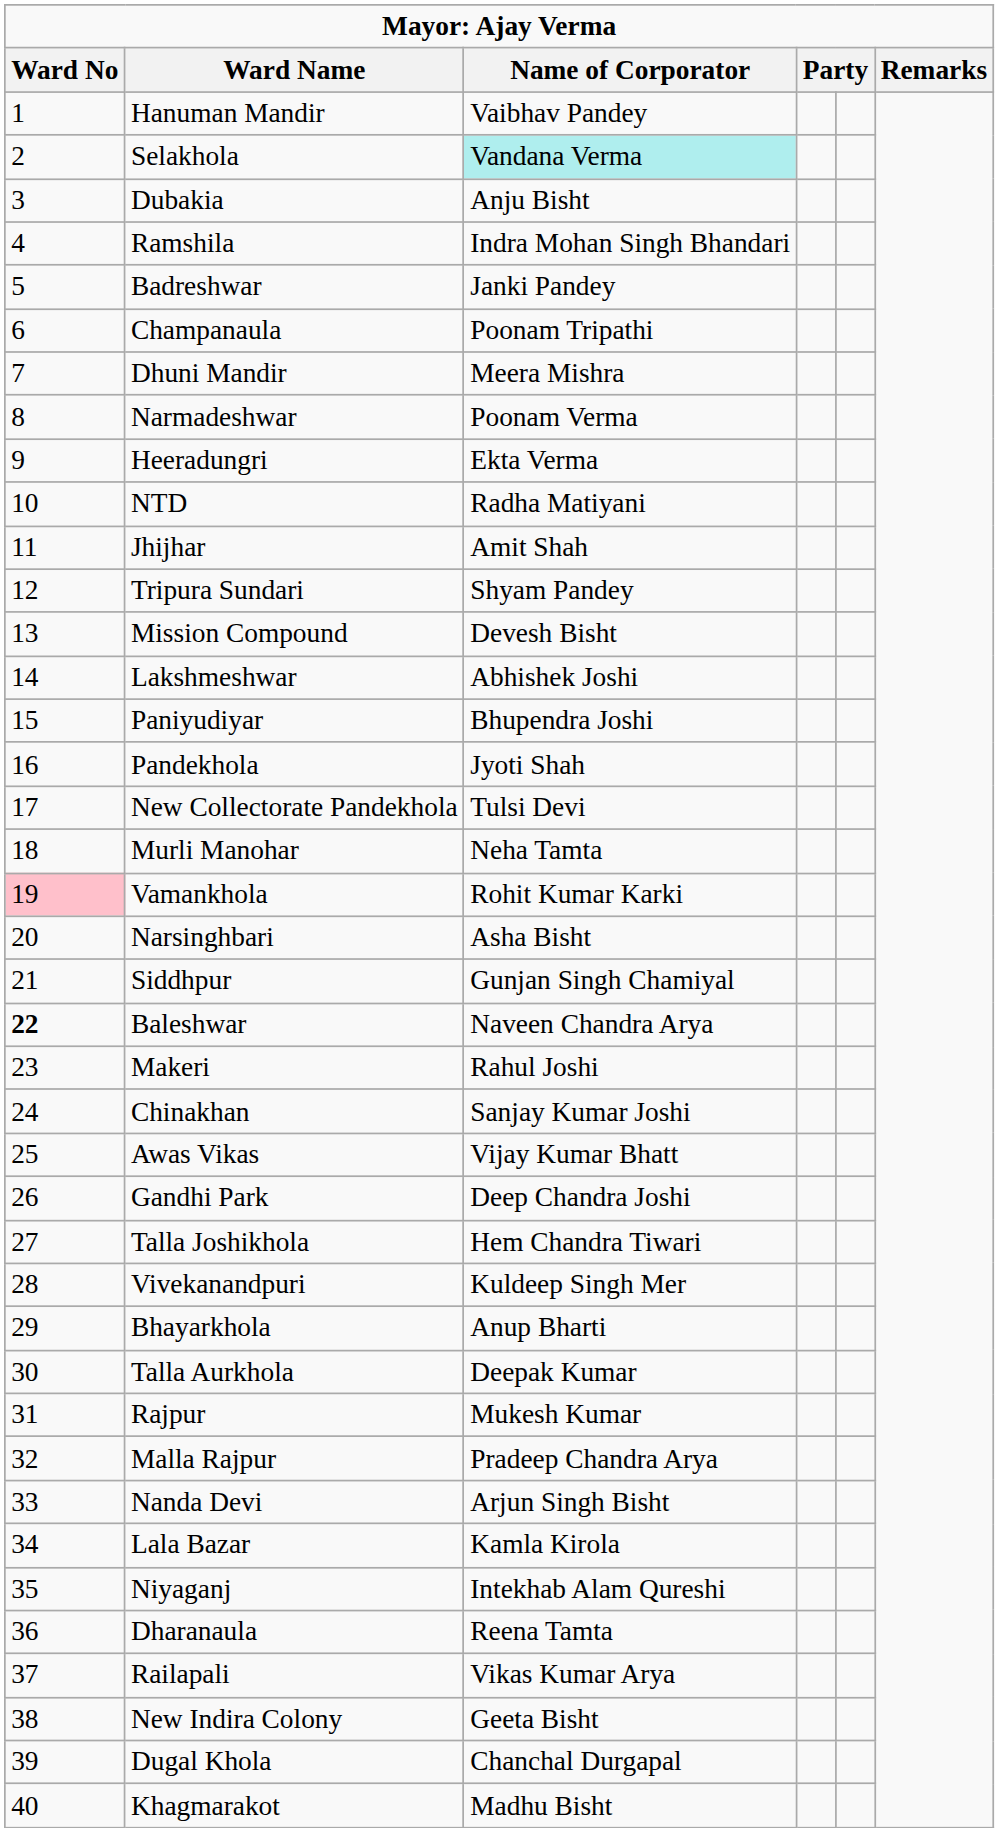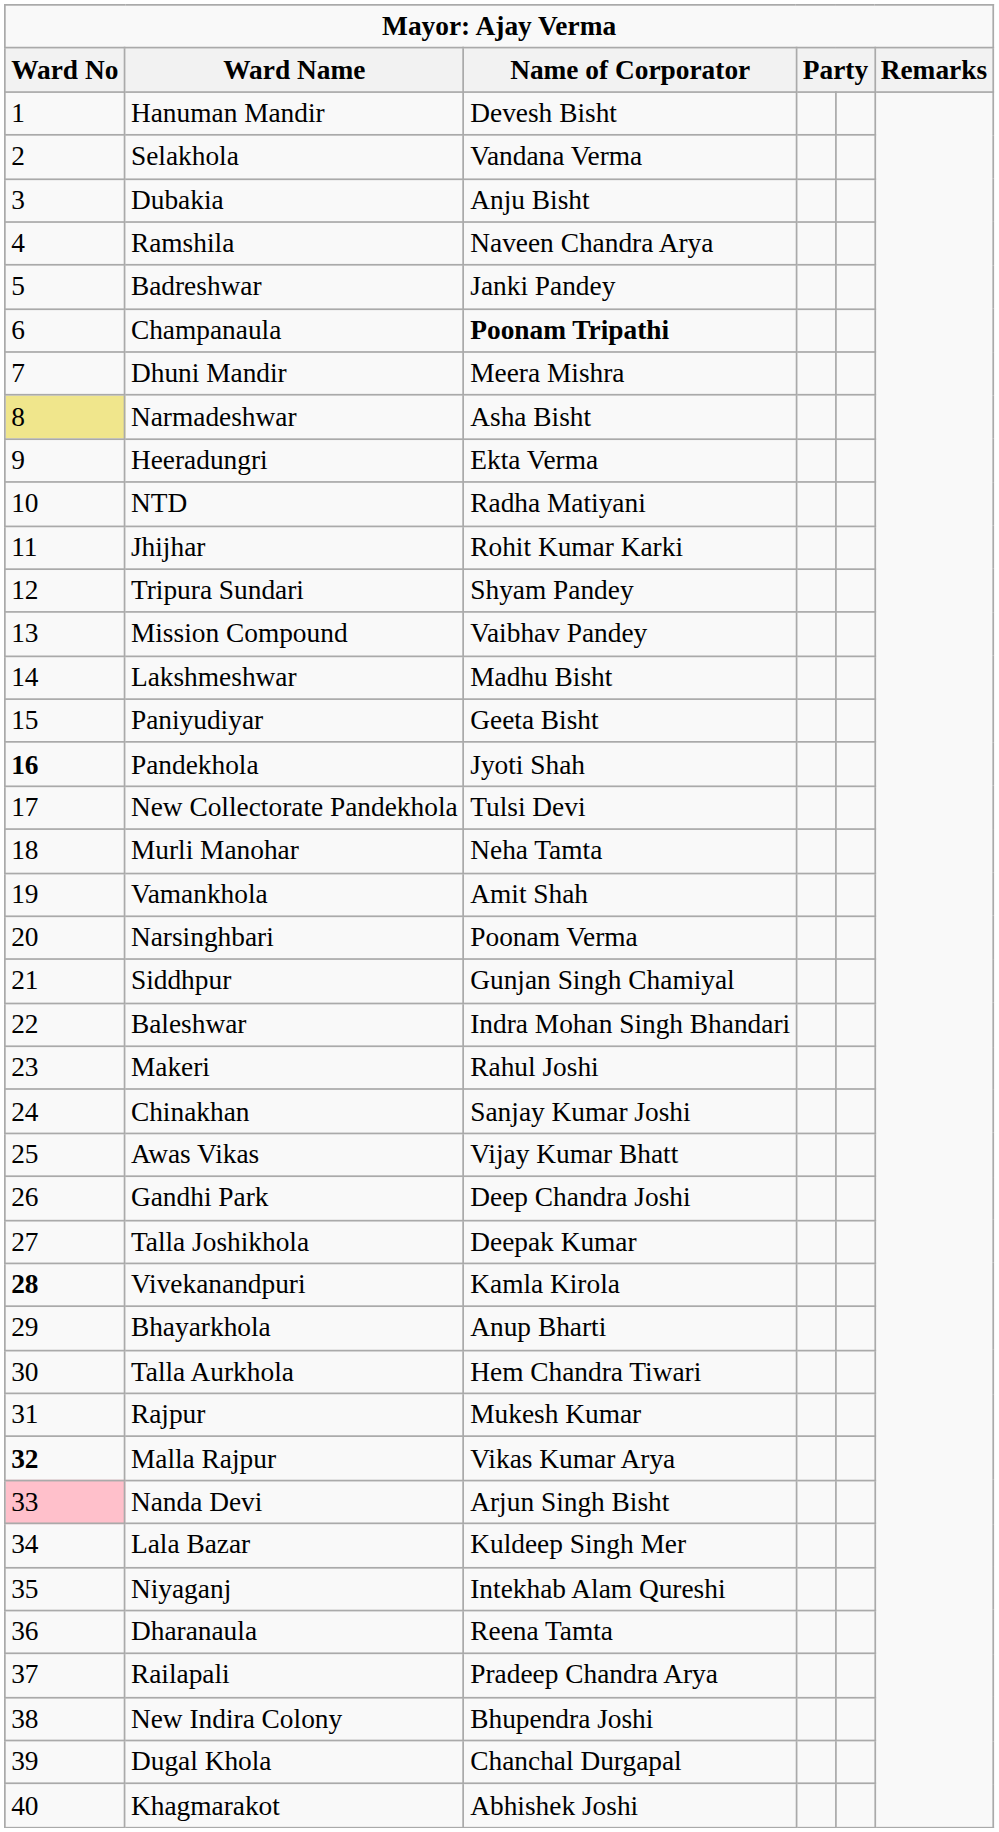 <table class="wikitable">
 <tr>
 <td colspan=6 align=center><span><strong>Mayor: Ajay Verma</strong></span></td>
 </tr>
 <tr>
 <th>Ward No</th>
 <th>Ward Name</th>
 <th>Name of Corporator</th>
 <th colspan="2">Party</th>
 <th>Remarks</th>
 </tr>
 <tr>
 <td>1</td>
 <td>Hanuman Mandir</td>
-<td>Vaibhav Pandey</td>
+<td>Devesh Bisht</td>
 <td></td>
 <td></td>
 </tr>
 <tr>
 <td>2</td>
 <td>Selakhola</td>
-<td style="background: paleturquoise;">Vandana Verma</td>
+<td>Vandana Verma</td>
 <td></td>
 <td></td>
 </tr>
 <tr>
 <td>3</td>
 <td>Dubakia</td>
 <td>Anju Bisht</td>
 <td></td>
 <td></td>
 </tr>
 <tr>
 <td>4</td>
 <td>Ramshila</td>
-<td>Indra Mohan Singh Bhandari</td>
+<td>Naveen Chandra Arya</td>
 <td></td>
 <td></td>
 </tr>
 <tr>
 <td>5</td>
 <td>Badreshwar</td>
 <td>Janki Pandey</td>
 <td></td>
 <td></td>
 </tr>
 <tr>
 <td>6</td>
 <td>Champanaula</td>
-<td>Poonam Tripathi</td>
+<td><strong>Poonam Tripathi</strong></td>
 <td></td>
 <td></td>
 </tr>
 <tr>
 <td>7</td>
 <td>Dhuni Mandir</td>
 <td>Meera Mishra</td>
 <td></td>
 <td></td>
 </tr>
 <tr>
-<td>8</td>
+<td style="background: khaki;">8</td>
 <td>Narmadeshwar</td>
-<td>Poonam Verma</td>
+<td>Asha Bisht</td>
 <td></td>
 <td></td>
 </tr>
 <tr>
 <td>9</td>
 <td>Heeradungri</td>
 <td>Ekta Verma</td>
 <td></td>
 <td></td>
 </tr>
 <tr>
 <td>10</td>
 <td>NTD</td>
 <td>Radha Matiyani</td>
 <td></td>
 <td></td>
 </tr>
 <tr>
 <td>11</td>
 <td>Jhijhar</td>
-<td>Amit Shah</td>
+<td>Rohit Kumar Karki</td>
 <td></td>
 <td></td>
 </tr>
 <tr>
 <td>12</td>
 <td>Tripura Sundari</td>
 <td>Shyam Pandey</td>
 <td></td>
 <td></td>
 </tr>
 <tr>
 <td>13</td>
 <td>Mission Compound</td>
-<td>Devesh Bisht</td>
+<td>Vaibhav Pandey</td>
 <td></td>
 <td></td>
 </tr>
 <tr>
 <td>14</td>
 <td>Lakshmeshwar</td>
-<td>Abhishek Joshi</td>
+<td>Madhu Bisht</td>
 <td></td>
 <td></td>
 </tr>
 <tr>
 <td>15</td>
 <td>Paniyudiyar</td>
-<td>Bhupendra Joshi</td>
+<td>Geeta Bisht</td>
 <td></td>
 <td></td>
 </tr>
 <tr>
-<td>16</td>
+<td><strong>16</strong></td>
 <td>Pandekhola</td>
 <td>Jyoti Shah</td>
 <td></td>
 <td></td>
 </tr>
 <tr>
 <td>17</td>
 <td>New Collectorate Pandekhola</td>
 <td>Tulsi Devi</td>
 <td></td>
 <td></td>
 </tr>
 <tr>
 <td>18</td>
 <td>Murli Manohar</td>
 <td>Neha Tamta</td>
 <td></td>
 <td></td>
 </tr>
 <tr>
-<td style="background: pink;">19</td>
+<td>19</td>
 <td>Vamankhola</td>
-<td>Rohit Kumar Karki</td>
+<td>Amit Shah</td>
 <td></td>
 <td></td>
 </tr>
 <tr>
 <td>20</td>
 <td>Narsinghbari</td>
-<td>Asha Bisht</td>
+<td>Poonam Verma</td>
 <td></td>
 <td></td>
 </tr>
 <tr>
 <td>21</td>
 <td>Siddhpur</td>
 <td>Gunjan Singh Chamiyal</td>
 <td></td>
 <td></td>
 </tr>
 <tr>
-<td><strong>22</strong></td>
+<td>22</td>
 <td>Baleshwar</td>
-<td>Naveen Chandra Arya</td>
+<td>Indra Mohan Singh Bhandari</td>
 <td></td>
 <td></td>
 </tr>
 <tr>
 <td>23</td>
 <td>Makeri</td>
 <td>Rahul Joshi</td>
 <td></td>
 <td></td>
 </tr>
 <tr>
 <td>24</td>
 <td>Chinakhan</td>
 <td>Sanjay Kumar Joshi</td>
 <td></td>
 <td></td>
 </tr>
 <tr>
 <td>25</td>
 <td>Awas Vikas</td>
 <td>Vijay Kumar Bhatt</td>
 <td></td>
 <td></td>
 </tr>
 <tr>
 <td>26</td>
 <td>Gandhi Park</td>
 <td>Deep Chandra Joshi</td>
 <td></td>
 <td></td>
 </tr>
 <tr>
 <td>27</td>
 <td>Talla Joshikhola</td>
-<td>Hem Chandra Tiwari</td>
+<td>Deepak Kumar</td>
 <td></td>
 <td></td>
 </tr>
 <tr>
-<td>28</td>
+<td><strong>28</strong></td>
 <td>Vivekanandpuri</td>
-<td>Kuldeep Singh Mer</td>
+<td>Kamla Kirola</td>
 <td></td>
 <td></td>
 </tr>
 <tr>
 <td>29</td>
 <td>Bhayarkhola</td>
 <td>Anup Bharti</td>
 <td></td>
 <td></td>
 </tr>
 <tr>
 <td>30</td>
 <td>Talla Aurkhola</td>
-<td>Deepak Kumar</td>
+<td>Hem Chandra Tiwari</td>
 <td></td>
 <td></td>
 </tr>
 <tr>
 <td>31</td>
 <td>Rajpur</td>
 <td>Mukesh Kumar</td>
 <td></td>
 <td></td>
 </tr>
 <tr>
-<td>32</td>
+<td><strong>32</strong></td>
 <td>Malla Rajpur</td>
-<td>Pradeep Chandra Arya</td>
+<td>Vikas Kumar Arya</td>
 <td></td>
 <td></td>
 </tr>
 <tr>
-<td>33</td>
+<td style="background: pink;">33</td>
 <td>Nanda Devi</td>
 <td>Arjun Singh Bisht</td>
 <td></td>
 <td></td>
 </tr>
 <tr>
 <td>34</td>
 <td>Lala Bazar</td>
-<td>Kamla Kirola</td>
+<td>Kuldeep Singh Mer</td>
 <td></td>
 <td></td>
 </tr>
 <tr>
 <td>35</td>
 <td>Niyaganj</td>
 <td>Intekhab Alam Qureshi</td>
 <td></td>
 <td></td>
 </tr>
 <tr>
 <td>36</td>
 <td>Dharanaula</td>
 <td>Reena Tamta</td>
 <td></td>
 <td></td>
 </tr>
 <tr>
 <td>37</td>
 <td>Railapali</td>
-<td>Vikas Kumar Arya</td>
+<td>Pradeep Chandra Arya</td>
 <td></td>
 <td></td>
 </tr>
 <tr>
 <td>38</td>
 <td>New Indira Colony</td>
-<td>Geeta Bisht</td>
+<td>Bhupendra Joshi</td>
 <td></td>
 <td></td>
 </tr>
 <tr>
 <td>39</td>
 <td>Dugal Khola</td>
 <td>Chanchal Durgapal</td>
 <td></td>
 <td></td>
 </tr>
 <tr>
 <td>40</td>
 <td>Khagmarakot</td>
-<td>Madhu Bisht</td>
+<td>Abhishek Joshi</td>
 <td></td>
 <td></td>
 </tr>
 </table>
